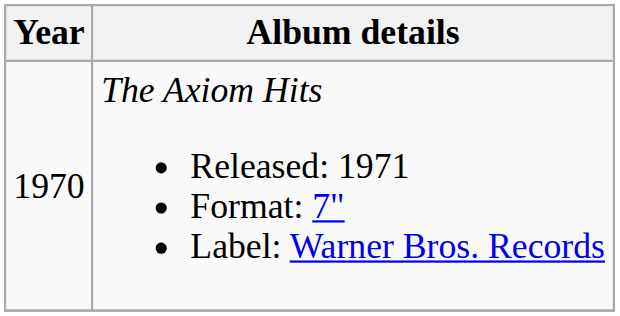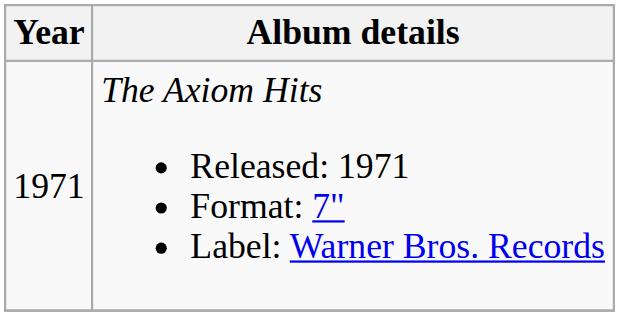 <table class="wikitable plainrowheaders" style="text-align:center;" border="1">
 <tr>
 <th>Year</th>
 <th>Album details</th>
 </tr>
 <tr>
-<td>1970</td>
+<td>1971</td>
 <td align="left"><em>The Axiom Hits</em><br><ul><li>Released: 1971</li><li>Format: <a href='#'>7"</a></li><li>Label: <a href='#'>Warner Bros. Records</a> </li></ul></td>
 </tr>
 <tr>
 </tr>
 </table>
